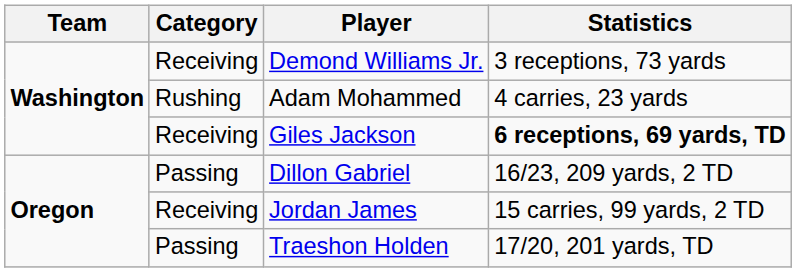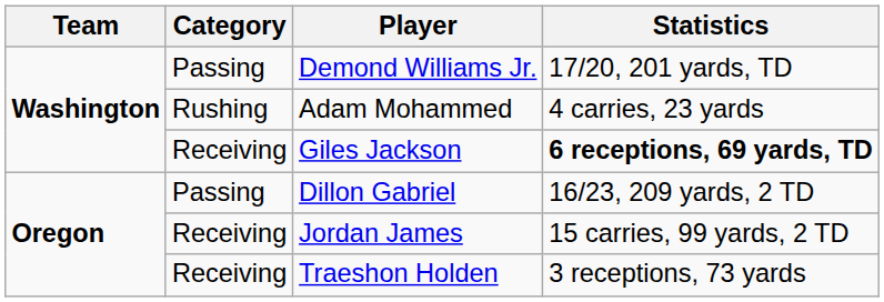 <table class="wikitable" style="float: right;">
 <tr>
 <th>Team</th>
 <th>Category</th>
 <th>Player</th>
 <th>Statistics</th>
 </tr>
 <tr>
 <td rowspan=3><strong>Washington</strong></td>
-<td>Receiving</td>
+<td>Passing</td>
 <td><a href='#'>Demond Williams Jr.</a></td>
-<td>3 receptions, 73 yards</td>
+<td>17/20, 201 yards, TD</td>
 </tr>
 <tr>
 <td>Rushing</td>
 <td>Adam Mohammed</td>
 <td>4 carries, 23 yards</td>
 </tr>
 <tr>
 <td>Receiving</td>
 <td><a href='#'>Giles Jackson</a></td>
 <td><strong>6 receptions, 69 yards, TD</strong></td>
 </tr>
 <tr>
 <td rowspan=3><strong>Oregon</strong></td>
 <td>Passing</td>
 <td><a href='#'>Dillon Gabriel</a></td>
 <td>16/23, 209 yards, 2 TD</td>
 </tr>
 <tr>
 <td>Receiving</td>
 <td><a href='#'>Jordan James</a></td>
 <td>15 carries, 99 yards, 2 TD</td>
 </tr>
 <tr>
-<td>Passing</td>
+<td>Receiving</td>
 <td><a href='#'>Traeshon Holden</a></td>
-<td>17/20, 201 yards, TD</td>
+<td>3 receptions, 73 yards</td>
 </tr>
 </table>
